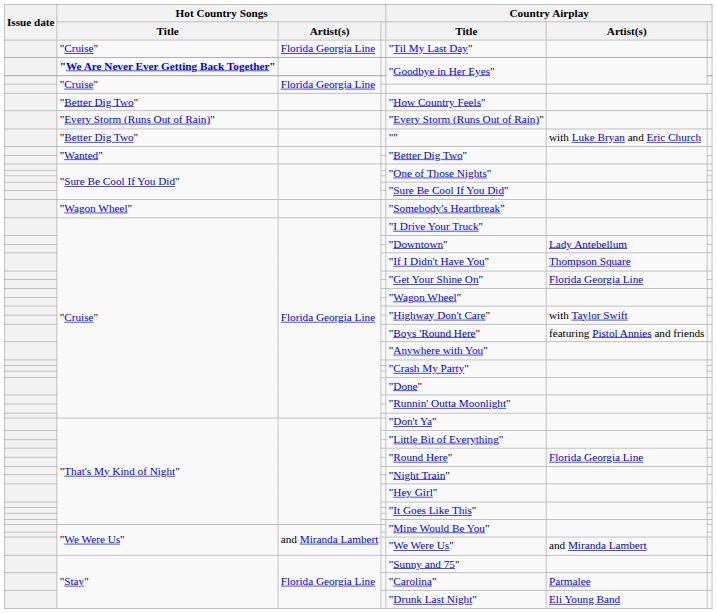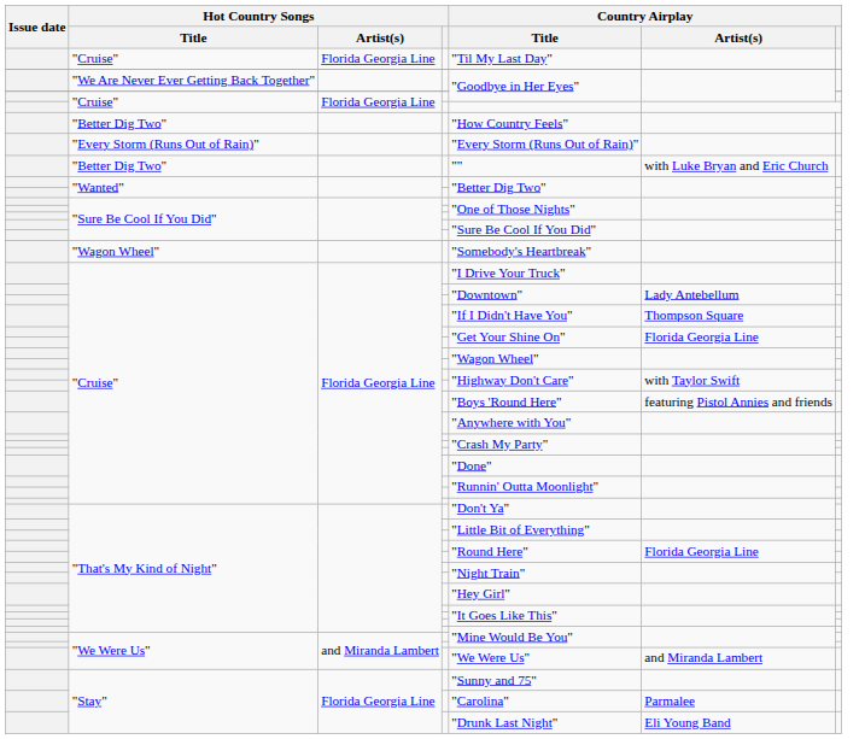 <table class="wikitable sortable plainrowheaders">
 <tr>
 <th scope=col rowspan=2>Issue date</th>
 <th scope=col colspan=3>Hot Country Songs</th>
 <th scope=col colspan=3>Country Airplay</th>
 </tr>
 <tr>
 <th scope=col>Title</th>
 <th scope=col>Artist(s)</th>
 <th scope=col class=unsortable></th>
 <th scope=col>Title</th>
 <th scope=col>Artist(s)</th>
 <th scope=col class=unsortable></th>
 </tr>
 <tr>
 <th scope=row></th>
 <td>"<a href='#'>Cruise</a>"</td>
 <td><a href='#'>Florida Georgia Line</a></td>
 <td align="center"></td>
 <td>"<a href='#'>Til My Last Day</a>"</td>
 <td></td>
 <td align="center"></td>
 </tr>
 <tr>
 </tr>
 <tr>
 <th scope=row></th>
-<td><strong>"<a href='#'>We Are Never Ever Getting Back Together</a>"</strong></td>
+<td>"<a href='#'>We Are Never Ever Getting Back Together</a>"</td>
 <td></td>
 <td align="center"></td>
 <td rowspan="3">"<a href='#'>Goodbye in Her Eyes</a>"</td>
 <td rowspan="3"></td>
 <td align="center"></td>
 </tr>
 <tr>
 </tr>
 <tr>
 <th scope=row></th>
 <td rowspan="2">"<a href='#'>Cruise</a>"</td>
 <td rowspan="2"><a href='#'>Florida Georgia Line</a></td>
 <td align="center"></td>
 <td align="center"></td>
 </tr>
 <tr>
 <th scope=row></th>
 <td align="center"></td>
 <td align="center"></td>
 </tr>
 <tr>
 <th scope=row></th>
 <td>"<a href='#'>Better Dig Two</a>"</td>
 <td></td>
 <td align="center"></td>
 <td>"<a href='#'>How Country Feels</a>"</td>
 <td></td>
 <td align="center"></td>
 </tr>
 <tr>
 <th scope=row></th>
 <td>"<a href='#'>Every Storm (Runs Out of Rain)</a>"</td>
 <td></td>
 <td align="center"></td>
 <td>"<a href='#'>Every Storm (Runs Out of Rain)</a>"</td>
 <td></td>
 <td align="center"></td>
 </tr>
 <tr>
 <th scope=row></th>
 <td>"<a href='#'>Better Dig Two</a>"</td>
 <td></td>
 <td align="center"></td>
 <td>""</td>
 <td> with <a href='#'>Luke Bryan</a> and <a href='#'>Eric Church</a></td>
 <td align="center"></td>
 </tr>
 <tr>
 <th scope=row></th>
 <td rowspan="2">"<a href='#'>Wanted</a>"</td>
 <td rowspan="2"></td>
 <td align="center"></td>
 <td rowspan="2">"<a href='#'>Better Dig Two</a>"</td>
 <td rowspan="2"></td>
 <td align="center"></td>
 </tr>
 <tr>
 <th scope=row></th>
 <td align="center"></td>
 <td align="center"></td>
 </tr>
 <tr>
 <th scope=row></th>
 <td rowspan="5">"<a href='#'>Sure Be Cool If You Did</a>"</td>
 <td rowspan="5"></td>
 <td align="center"></td>
 <td rowspan="3">"<a href='#'>One of Those Nights</a>"</td>
 <td rowspan="3"></td>
 <td align="center"></td>
 </tr>
 <tr>
 <th scope=row></th>
 <td align="center"></td>
 <td align="center"></td>
 </tr>
 <tr>
 <th scope=row></th>
 <td align="center"></td>
 <td align="center"></td>
 </tr>
 <tr>
 <th scope=row></th>
 <td align="center"></td>
 <td rowspan="2">"<a href='#'>Sure Be Cool If You Did</a>"</td>
 <td rowspan="2"></td>
 <td align="center"></td>
 </tr>
 <tr>
 <th scope=row></th>
 <td align="center"></td>
 <td align="center"></td>
 </tr>
 <tr>
 <th scope=row></th>
 <td>"<a href='#'>Wagon Wheel</a>"</td>
 <td></td>
 <td align="center"></td>
 <td>"<a href='#'>Somebody's Heartbreak</a>"</td>
 <td></td>
 <td align="center"></td>
 </tr>
 <tr>
 <th scope=row></th>
 <td rowspan="19">"<a href='#'>Cruise</a>"</td>
 <td rowspan="19"><a href='#'>Florida Georgia Line</a></td>
 <td align="center"></td>
 <td>"<a href='#'>I Drive Your Truck</a>"</td>
 <td></td>
 <td align="center"></td>
 </tr>
 <tr>
 <th scope=row></th>
 <td align="center"></td>
 <td rowspan="2">"<a href='#'>Downtown</a>"</td>
 <td rowspan="2"><a href='#'>Lady Antebellum</a></td>
 <td align="center"></td>
 </tr>
 <tr>
 <th scope=row></th>
 <td align="center"></td>
 <td align="center"></td>
 </tr>
 <tr>
 <th scope=row></th>
 <td align="center"></td>
 <td>"<a href='#'>If I Didn't Have You</a>"</td>
 <td><a href='#'>Thompson Square</a></td>
 <td align="center"></td>
 </tr>
 <tr>
 <th scope=row></th>
 <td align="center"></td>
 <td rowspan="2">"<a href='#'>Get Your Shine On</a>"</td>
 <td rowspan="2"><a href='#'>Florida Georgia Line</a></td>
 <td align="center"></td>
 </tr>
 <tr>
 <th scope=row></th>
 <td align="center"></td>
 <td align="center"></td>
 </tr>
 <tr>
 <th scope=row></th>
 <td align="center"></td>
 <td rowspan="2">"<a href='#'>Wagon Wheel</a>"</td>
 <td rowspan="2"></td>
 <td align="center"></td>
 </tr>
 <tr>
 <th scope=row></th>
 <td align="center"></td>
 <td align="center"></td>
 </tr>
 <tr>
 <th scope=row></th>
 <td align="center"></td>
 <td rowspan="2">"<a href='#'>Highway Don't Care</a>"</td>
 <td rowspan="2"> with <a href='#'>Taylor Swift</a></td>
 <td align="center"></td>
 </tr>
 <tr>
 <th scope=row></th>
 <td align="center"></td>
 <td align="center"></td>
 </tr>
 <tr>
 <th scope=row></th>
 <td align="center"></td>
 <td>"<a href='#'>Boys 'Round Here</a>"</td>
 <td> featuring <a href='#'>Pistol Annies</a> and friends</td>
 <td align="center"></td>
 </tr>
 <tr>
 <th scope=row></th>
 <td align="center"></td>
 <td>"<a href='#'>Anywhere with You</a>"</td>
 <td></td>
 <td align="center"></td>
 </tr>
 <tr>
 <th scope=row></th>
 <td align="center"></td>
 <td rowspan="3">"<a href='#'>Crash My Party</a>"</td>
 <td rowspan="3"></td>
 <td align="center"></td>
 </tr>
 <tr>
 <th scope=row></th>
 <td align="center"></td>
 <td align="center"></td>
 </tr>
 <tr>
 <th scope=row></th>
 <td align="center"></td>
 <td align="center"></td>
 </tr>
 <tr>
 <th scope=row></th>
 <td align="center"></td>
 <td>"<a href='#'>Done</a>"</td>
 <td></td>
 <td align="center"></td>
 </tr>
 <tr>
 <th scope=row></th>
 <td align="center"></td>
 <td rowspan="2">"<a href='#'>Runnin' Outta Moonlight</a>"</td>
 <td rowspan="2"></td>
 <td align="center"></td>
 </tr>
 <tr>
 <th scope=row></th>
 <td align="center"></td>
 <td align="center"></td>
 </tr>
 <tr>
 <th scope=row></th>
 <td align="center"></td>
 <td rowspan="2">"<a href='#'>Don't Ya</a>"</td>
 <td rowspan="2"></td>
 <td align="center"></td>
 </tr>
 <tr>
 <th scope=row></th>
 <td rowspan="12">"<a href='#'>That's My Kind of Night</a>"</td>
 <td rowspan="12"></td>
 <td align="center"></td>
 <td align="center"></td>
 </tr>
 <tr>
 <th scope=row></th>
 <td align="center"></td>
 <td rowspan="2">"<a href='#'>Little Bit of Everything</a>"</td>
 <td rowspan="2"></td>
 <td align="center"></td>
 </tr>
 <tr>
 <th scope=row></th>
 <td align="center"></td>
 <td align="center"></td>
 </tr>
 <tr>
 <th scope=row></th>
 <td align="center"></td>
 <td rowspan="2">"<a href='#'>Round Here</a>"</td>
 <td rowspan="2"><a href='#'>Florida Georgia Line</a></td>
 <td align="center"></td>
 </tr>
 <tr>
 <th scope=row></th>
 <td align="center"></td>
 <td align="center"></td>
 </tr>
 <tr>
 <th scope=row></th>
 <td align="center"></td>
 <td rowspan="2">"<a href='#'>Night Train</a>"</td>
 <td rowspan="2"></td>
 <td align="center"></td>
 </tr>
 <tr>
 <th scope=row></th>
 <td align="center"></td>
 <td align="center"></td>
 </tr>
 <tr>
 <th scope=row></th>
 <td align="center"></td>
 <td>"<a href='#'>Hey Girl</a>"</td>
 <td></td>
 <td align="center"></td>
 </tr>
 <tr>
 <th scope=row></th>
 <td align="center"></td>
 <td rowspan="3">"<a href='#'>It Goes Like This</a>"</td>
 <td rowspan="3"></td>
 <td align="center"></td>
 </tr>
 <tr>
 <th scope=row></th>
 <td align="center"></td>
 <td align="center"></td>
 </tr>
 <tr>
 <th scope=row></th>
 <td align="center"></td>
 <td align="center"></td>
 </tr>
 <tr>
 <th scope=row></th>
 <td align="center"></td>
 <td rowspan="3">"<a href='#'>Mine Would Be You</a>"</td>
 <td rowspan="3"></td>
 <td align="center"></td>
 </tr>
 <tr>
 <th scope=row></th>
 <td rowspan="3">"<a href='#'>We Were Us</a>"</td>
 <td rowspan="3"> and <a href='#'>Miranda Lambert</a></td>
 <td align="center"></td>
 <td align="center"></td>
 </tr>
 <tr>
 <th scope=row></th>
 <td align="center"></td>
 <td align="center"></td>
 </tr>
 <tr>
 <th scope=row></th>
 <td align="center"></td>
 <td>"<a href='#'>We Were Us</a>"</td>
 <td> and <a href='#'>Miranda Lambert</a></td>
 <td align="center"></td>
 </tr>
 <tr>
 <th scope=row></th>
 <td rowspan="3">"<a href='#'>Stay</a>"</td>
 <td rowspan="3"><a href='#'>Florida Georgia Line</a></td>
 <td align="center"></td>
 <td>"<a href='#'>Sunny and 75</a>"</td>
 <td></td>
 <td align="center"></td>
 </tr>
 <tr>
 <th scope=row></th>
 <td align="center"></td>
 <td>"<a href='#'>Carolina</a>"</td>
 <td><a href='#'>Parmalee</a></td>
 <td align="center"></td>
 </tr>
 <tr>
 <th scope=row></th>
 <td align="center"></td>
 <td>"<a href='#'>Drunk Last Night</a>"</td>
 <td><a href='#'>Eli Young Band</a></td>
 <td align="center"></td>
 </tr>
 </table>
